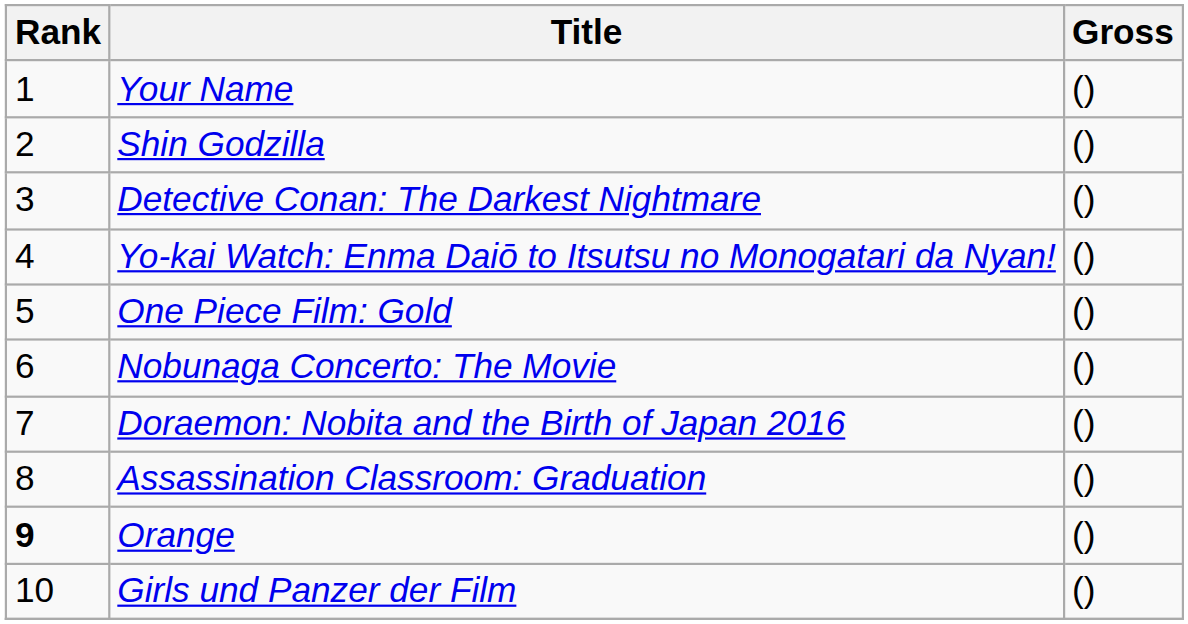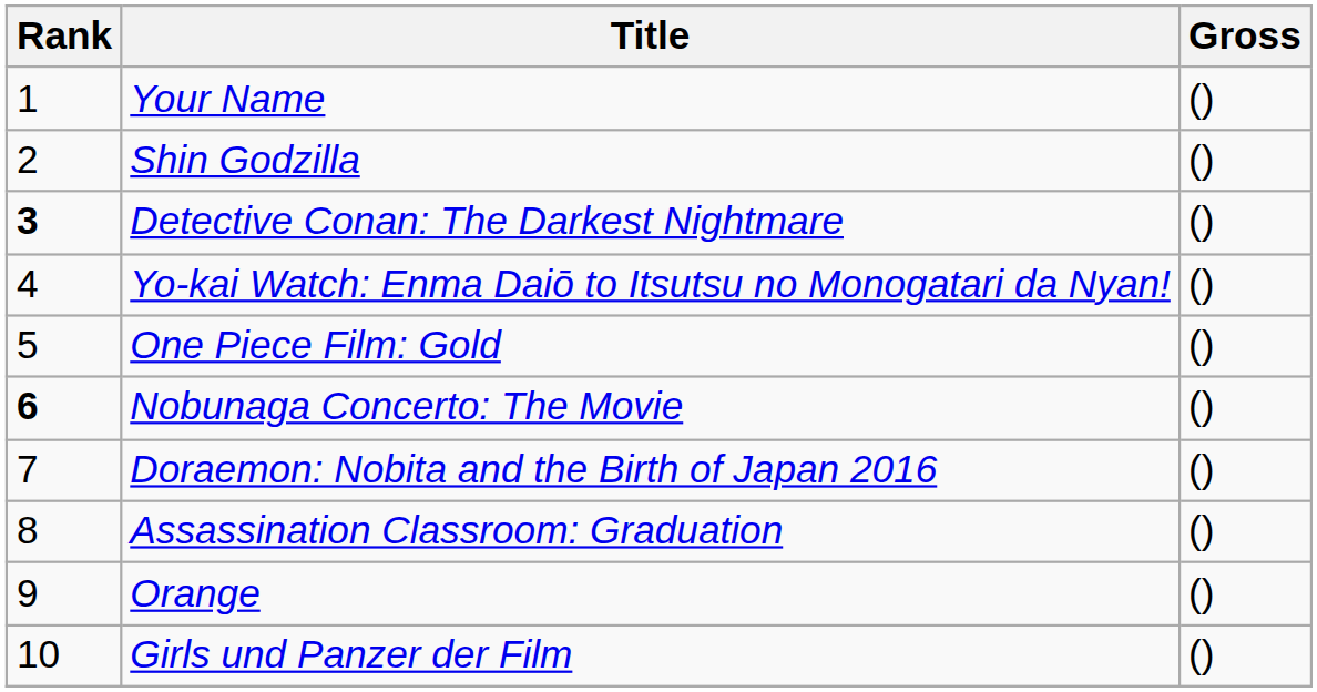 <table class="wikitable sortable" style="margin:auto; margin:auto;">
 <tr>
 <th>Rank</th>
 <th>Title</th>
 <th>Gross</th>
 </tr>
 <tr>
 <td>1</td>
 <td><em><a href='#'>Your Name</a></em></td>
 <td> ()</td>
 </tr>
 <tr>
 <td>2</td>
 <td><em><a href='#'>Shin Godzilla</a></em></td>
 <td> ()</td>
 </tr>
 <tr>
-<td>3</td>
+<td><strong>3</strong></td>
 <td><em><a href='#'>Detective Conan: The Darkest Nightmare</a></em></td>
 <td> ()</td>
 </tr>
 <tr>
 <td>4</td>
 <td><em><a href='#'>Yo-kai Watch: Enma Daiō to Itsutsu no Monogatari da Nyan!</a></em></td>
 <td> ()</td>
 </tr>
 <tr>
 <td>5</td>
 <td><em><a href='#'>One Piece Film: Gold</a></em></td>
 <td> ()</td>
 </tr>
 <tr>
-<td>6</td>
+<td><strong>6</strong></td>
 <td><em><a href='#'>Nobunaga Concerto: The Movie</a></em></td>
 <td> ()</td>
 </tr>
 <tr>
 <td>7</td>
 <td><em><a href='#'>Doraemon: Nobita and the Birth of Japan 2016</a></em></td>
 <td> ()</td>
 </tr>
 <tr>
 <td>8</td>
 <td><em><a href='#'>Assassination Classroom: Graduation</a></em></td>
 <td> ()</td>
 </tr>
 <tr>
-<td><strong>9</strong></td>
+<td>9</td>
 <td><em><a href='#'>Orange</a></em></td>
 <td> ()</td>
 </tr>
 <tr>
 <td>10</td>
 <td><em><a href='#'>Girls und Panzer der Film</a></em></td>
 <td> ()</td>
 </tr>
 <tr>
 </tr>
 </table>
